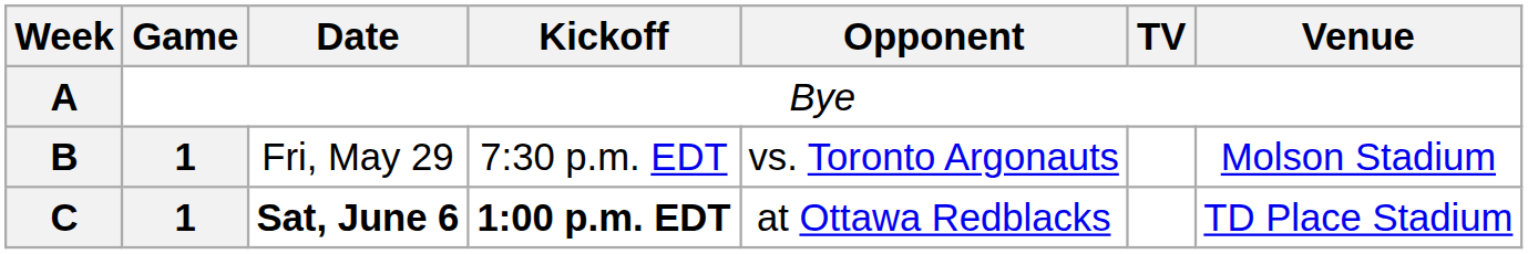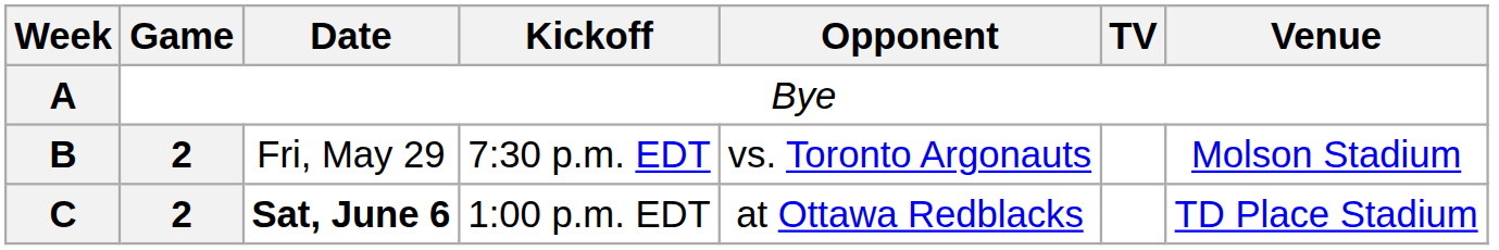 <table class="wikitable" style="font-size: 95%;">
 <tr>
 <th scope="col">Week</th>
 <th scope="col">Game</th>
 <th scope="col">Date</th>
 <th scope="col">Kickoff</th>
 <th scope="col">Opponent</th>
 <th scope="col">TV</th>
 <th scope="col">Venue</th>
 </tr>
 <tr align="center"= bgcolor="ffffff">
 <th align="center">A</th>
 <td colspan=10 align="center" valign="middle"><em>Bye</em></td>
 </tr>
 <tr align="center"= bgcolor="ffffff">
 <th align="center">B</th>
-<th align="center">1</th>
+<th align="center">2</th>
 <td align="center">Fri, May 29</td>
 <td align="center">7:30 p.m. <a href='#'>EDT</a></td>
 <td align="center">vs. <a href='#'>Toronto Argonauts</a></td>
 <td align="center"></td>
 <td align="center"><a href='#'>Molson Stadium</a></td>
 </tr>
 <tr align="center"= bgcolor="ffffff">
 <th align="center">C</th>
-<th align="center">1</th>
+<th align="center">2</th>
 <td align="center"><strong>Sat, June 6</strong></td>
-<td align="center"><strong>1:00 p.m. EDT</strong></td>
+<td align="center">1:00 p.m. EDT</td>
 <td align="center">at <a href='#'>Ottawa Redblacks</a></td>
 <td align="center"></td>
 <td align="center"><a href='#'>TD Place Stadium</a></td>
 </tr>
 </table>
